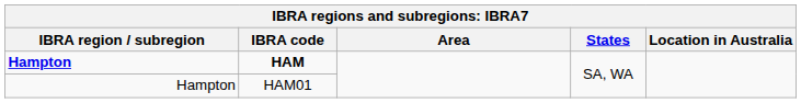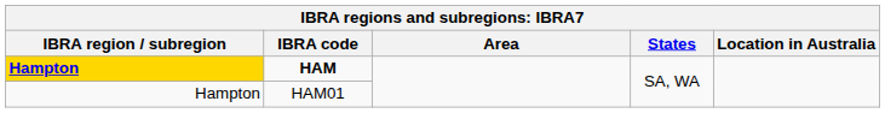 <table class="wikitable sortable">
 <tr>
 <th rowwidth=100px colspan=5>IBRA regions and subregions: IBRA7</th>
 </tr>
 <tr>
 <th scope="col" style="width:250px;">IBRA region / subregion</th>
 <th scope="col" style="width:100px;">IBRA code</th>
 <th scope="col" style="width:250px;">Area</th>
 <th scope="col" style="width:75px;"><a href='#'>States</a></th>
 <th>Location in Australia</th>
 </tr>
 <tr>
-<td><strong><a href='#'>Hampton</a></strong></td>
+<td style="background: gold;"><strong><a href='#'>Hampton</a></strong></td>
 <td style="text-align:center;"><strong>HAM</strong></td>
 <td style="text-align:right;" rowspan="2"><strong></strong></td>
 <td style="text-align:center;" rowspan="2">SA, WA</td>
 <td style="text-align:center;" rowspan="2"></td>
 </tr>
 <tr>
 <td align="right">Hampton</td>
 <td style="text-align:center;">HAM01</td>
 </tr>
 </table>
